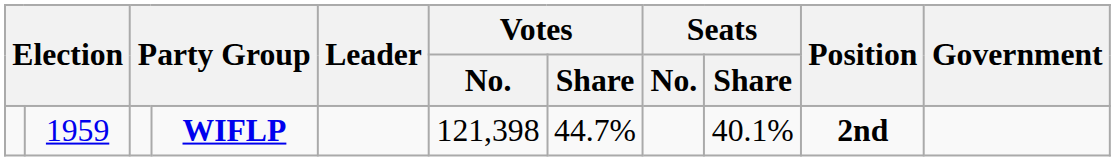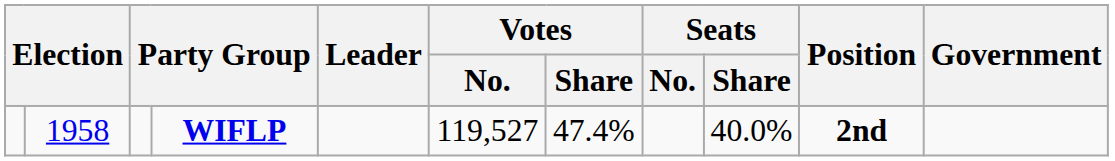 <table class="wikitable" style="text-align:center">
 <tr>
 <th colspan="2" rowspan="2">Election</th>
 <th colspan=3 rowspan=2>Party Group</th>
 <th rowspan=2>Leader</th>
 <th colspan=2>Votes</th>
 <th colspan="2">Seats</th>
 <th rowspan=2>Position</th>
 <th rowspan="2">Government</th>
 </tr>
 <tr>
 <th>No.</th>
 <th>Share</th>
 <th>No.</th>
 <th>Share</th>
 </tr>
 <tr>
 <td></td>
-<td><a href='#'>1959</a></td>
+<td><a href='#'>1958</a></td>
 <td colspan="2" style="background:"></td>
 <td><strong><a href='#'>WIFLP</a></strong></td>
 <td></td>
-<td style="text-align:right;">121,398</td>
-<td style="text-align:right;">44.7%</td>
+<td style="text-align:right;">119,527</td>
+<td style="text-align:right;">47.4%</td>
 <td></td>
-<td style="text-align:right;">40.1%</td>
+<td style="text-align:right;">40.0%</td>
 <td><strong>2nd</strong></td>
 <td></td>
 </tr>
 </table>
